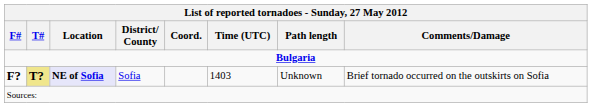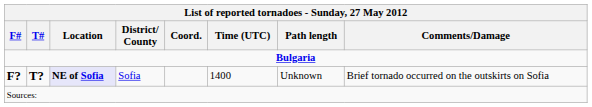 <table class="wikitable collapsible" width="100%">
 <tr>
 <th colspan="8">List of reported tornadoes - Sunday, 27 May 2012</th>
 </tr>
 <tr>
 <th><a href='#'>F#</a></th>
 <th><a href='#'>T#</a></th>
 <th>Location</th>
 <th>District/<br>County</th>
 <th>Coord.</th>
 <th>Time (UTC)</th>
 <th>Path length</th>
 <th>Comments/Damage</th>
 </tr>
 <tr>
 <td colspan="8" align=center><strong><a href='#'>Bulgaria</a></strong></td>
 </tr>
 <tr>
 <td><big><strong>F?</strong></big></td>
-<td style="background: khaki;"><big><strong>T?</strong></big></td>
+<td><big><strong>T?</strong></big></td>
 <td style="background: lavender;"><strong>NE of <a href='#'>Sofia</a></strong></td>
 <td><a href='#'>Sofia</a></td>
 <td></td>
-<td>1403</td>
+<td>1400</td>
 <td>Unknown</td>
 <td>Brief tornado occurred on the outskirts on Sofia</td>
 </tr>
 <tr>
 <td colspan="8"><small>Sources:  </small></td>
 </tr>
 </table>
